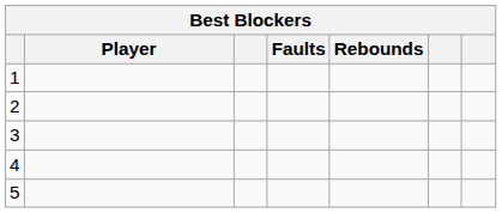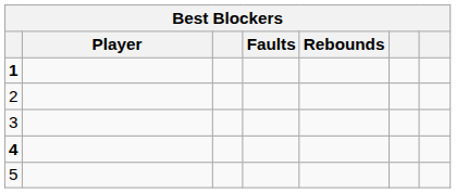 <table class="wikitable sortable" style=font-size:90%>
 <tr>
 <th colspan=7>Best Blockers</th>
 </tr>
 <tr>
 <th></th>
 <th width=158>Player</th>
 <th width=20></th>
 <th width=20>Faults</th>
 <th width=20>Rebounds</th>
 <th width=20></th>
 <th width=20></th>
 </tr>
 <tr>
-<td align=center>1</td>
+<td align=center><strong>1</strong></td>
 <td></td>
 <td align=center></td>
 <td align=center></td>
 <td align=center></td>
 <td align=center></td>
 <td align=center></td>
 </tr>
 <tr>
 <td align=center>2</td>
 <td></td>
 <td align=center></td>
 <td align=center></td>
 <td align=center></td>
 <td align=center></td>
 <td align=center></td>
 </tr>
 <tr>
 <td align=center>3</td>
 <td></td>
 <td align=center></td>
 <td align=center></td>
 <td align=center></td>
 <td align=center></td>
 <td align=center></td>
 </tr>
 <tr>
-<td align=center>4</td>
+<td align=center><strong>4</strong></td>
 <td></td>
 <td align=center></td>
 <td align=center></td>
 <td align=center></td>
 <td align=center></td>
 <td align=center></td>
 </tr>
 <tr>
 <td align=center>5</td>
 <td></td>
 <td align=center></td>
 <td align=center></td>
 <td align=center></td>
 <td align=center></td>
 <td align=center></td>
 </tr>
 </table>
